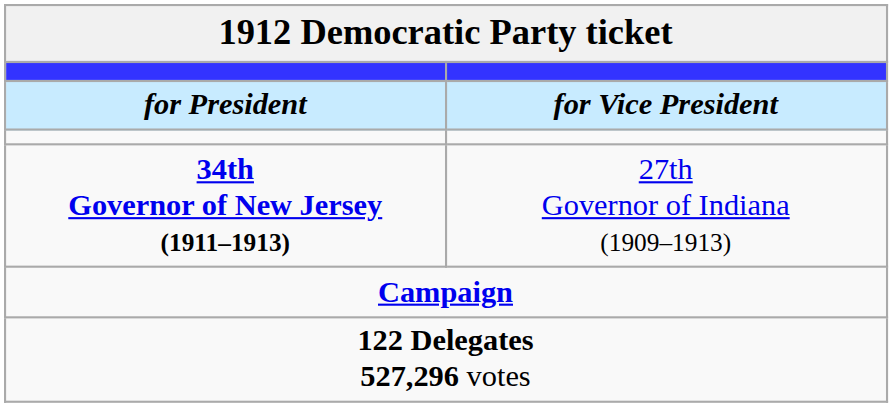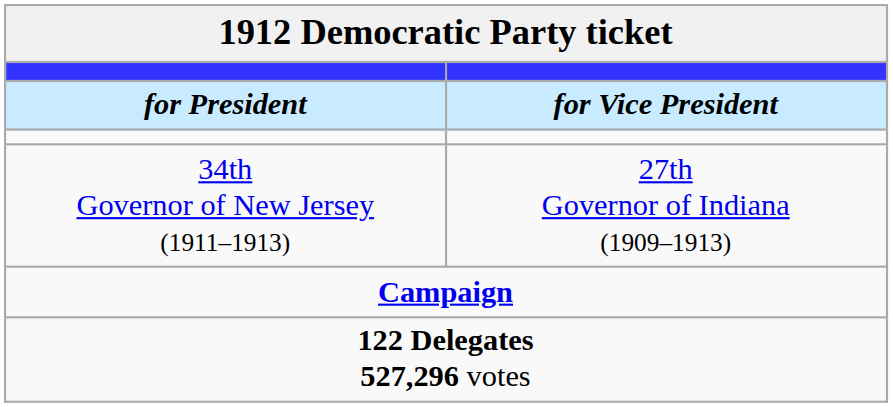 <table class="wikitable" style="font-size:90%; text-align:center;">
 <tr>
 <td style="background:#f1f1f1;" colspan="30"><big><strong>1912 Democratic Party ticket </strong></big></td>
 </tr>
 <tr>
 <th style="width:3em; font-size:135%; background:#3333FF; width:200px;"><a href='#'></a></th>
 <th style="width:3em; font-size:135%; background:#3333FF; width:200px;"><a href='#'></a></th>
 </tr>
 <tr>
 <td style="width:3em; font-size:100%; color:#000; background:#C8EBFF; width:200px;"><strong><em>for President</em></strong></td>
 <td style="width:3em; font-size:100%; color:#000; background:#C8EBFF; width:200px;"><strong><em>for Vice President</em></strong></td>
 </tr>
 <tr>
 <td></td>
 <td></td>
 </tr>
 <tr>
-<td><strong><a href='#'>34th</a><br><a href='#'>Governor of New Jersey</a><br><small>(1911–1913)</small></strong></td>
+<td><a href='#'>34th</a><br><a href='#'>Governor of New Jersey</a><br><small>(1911–1913)</small></td>
 <td><a href='#'>27th</a><br><a href='#'>Governor of Indiana</a><br><small>(1909–1913)</small></td>
 </tr>
 <tr>
 <td colspan=2><a href='#'><strong>Campaign</strong></a></td>
 </tr>
 <tr>
 <td colspan=2> <strong>122 Delegates<br>527,296</strong> votes</td>
 </tr>
 </table>
